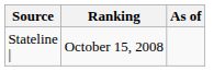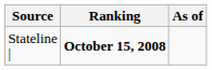 <table class="wikitable" style="text-align:center">
 <tr>
 <th>Source</th>
 <th>Ranking</th>
 <th>As of</th>
 </tr>
 <tr>
 <td align=left>Stateline<br>| </td>
-<td>October 15, 2008</td>
+<td><strong>October 15, 2008</strong></td>
 </tr>
 </table>
